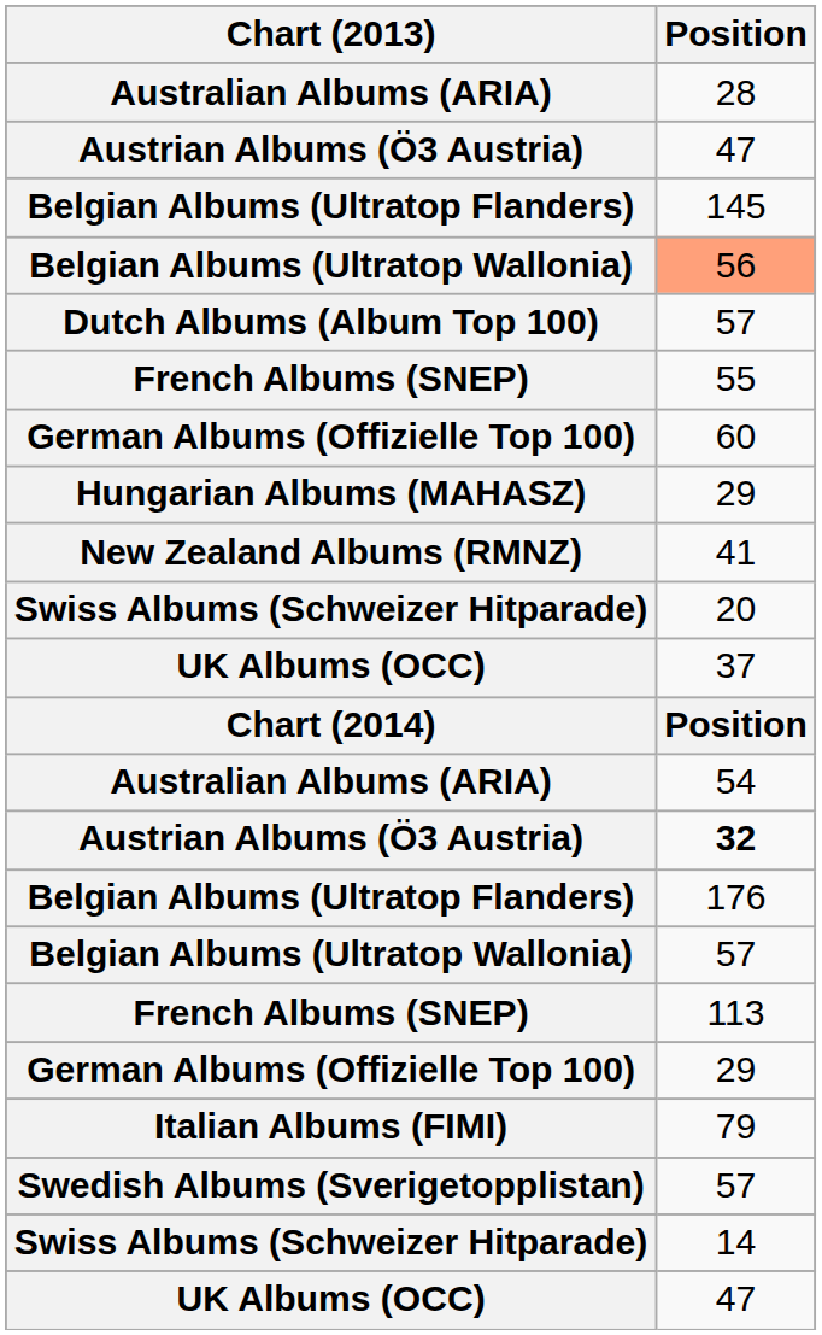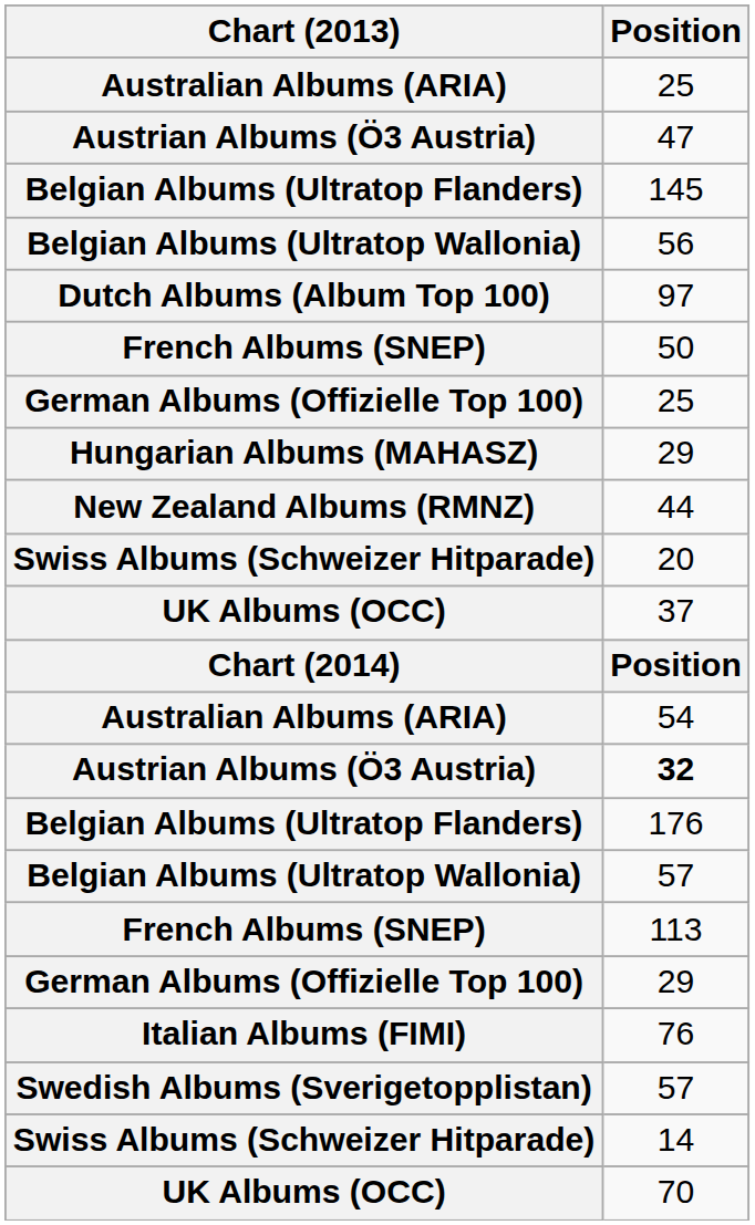 <table class="wikitable sortable plainrowheaders" style="text-align:center">
 <tr>
 <th scope="col">Chart (2013)</th>
 <th scope="col">Position</th>
 </tr>
 <tr>
 <th scope="row">Australian Albums (ARIA)</th>
-<td>28</td>
+<td>25</td>
 </tr>
 <tr>
 <th scope="row">Austrian Albums (Ö3 Austria)</th>
 <td>47</td>
 </tr>
 <tr>
 <th scope="row">Belgian Albums (Ultratop Flanders)</th>
 <td>145</td>
 </tr>
 <tr>
 <th scope="row">Belgian Albums (Ultratop Wallonia)</th>
-<td style="background: lightsalmon;">56</td>
+<td>56</td>
 </tr>
 <tr>
 <th scope="row">Dutch Albums (Album Top 100)</th>
-<td>57</td>
+<td>97</td>
 </tr>
 <tr>
 <th scope="row">French Albums (SNEP)</th>
-<td>55</td>
+<td>50</td>
 </tr>
 <tr>
 <th scope="row">German Albums (Offizielle Top 100)</th>
-<td>60</td>
+<td>25</td>
 </tr>
 <tr>
 <th scope="row">Hungarian Albums (MAHASZ)</th>
 <td>29</td>
 </tr>
 <tr>
 <th scope="row">New Zealand Albums (RMNZ)</th>
-<td>41</td>
+<td>44</td>
 </tr>
 <tr>
 <th scope="row">Swiss Albums (Schweizer Hitparade)</th>
 <td>20</td>
 </tr>
 <tr>
 <th scope="row">UK Albums (OCC)</th>
 <td>37</td>
 </tr>
 <tr>
 <th scope="col">Chart (2014)</th>
 <th scope="col">Position</th>
 </tr>
 <tr>
 <th scope="row">Australian Albums (ARIA)</th>
 <td>54</td>
 </tr>
 <tr>
 <th scope="row">Austrian Albums (Ö3 Austria)</th>
 <td><strong>32</strong></td>
 </tr>
 <tr>
 <th scope="row">Belgian Albums (Ultratop Flanders)</th>
 <td>176</td>
 </tr>
 <tr>
 <th scope="row">Belgian Albums (Ultratop Wallonia)</th>
 <td>57</td>
 </tr>
 <tr>
 <th scope="row">French Albums (SNEP)</th>
 <td>113</td>
 </tr>
 <tr>
 <th scope="row">German Albums (Offizielle Top 100)</th>
 <td>29</td>
 </tr>
 <tr>
 <th scope="row">Italian Albums (FIMI)</th>
-<td>79</td>
+<td>76</td>
 </tr>
 <tr>
 <th scope="row">Swedish Albums (Sverigetopplistan)</th>
 <td>57</td>
 </tr>
 <tr>
 <th scope="row">Swiss Albums (Schweizer Hitparade)</th>
 <td>14</td>
 </tr>
 <tr>
 <th scope="row">UK Albums (OCC)</th>
-<td>47</td>
+<td>70</td>
 </tr>
 </table>
